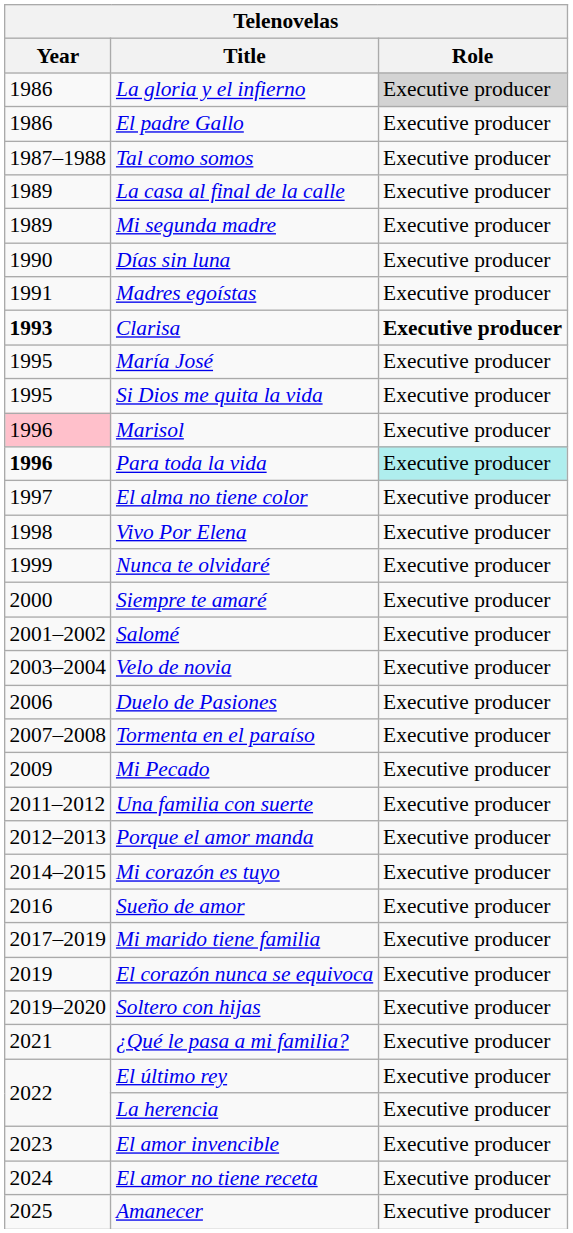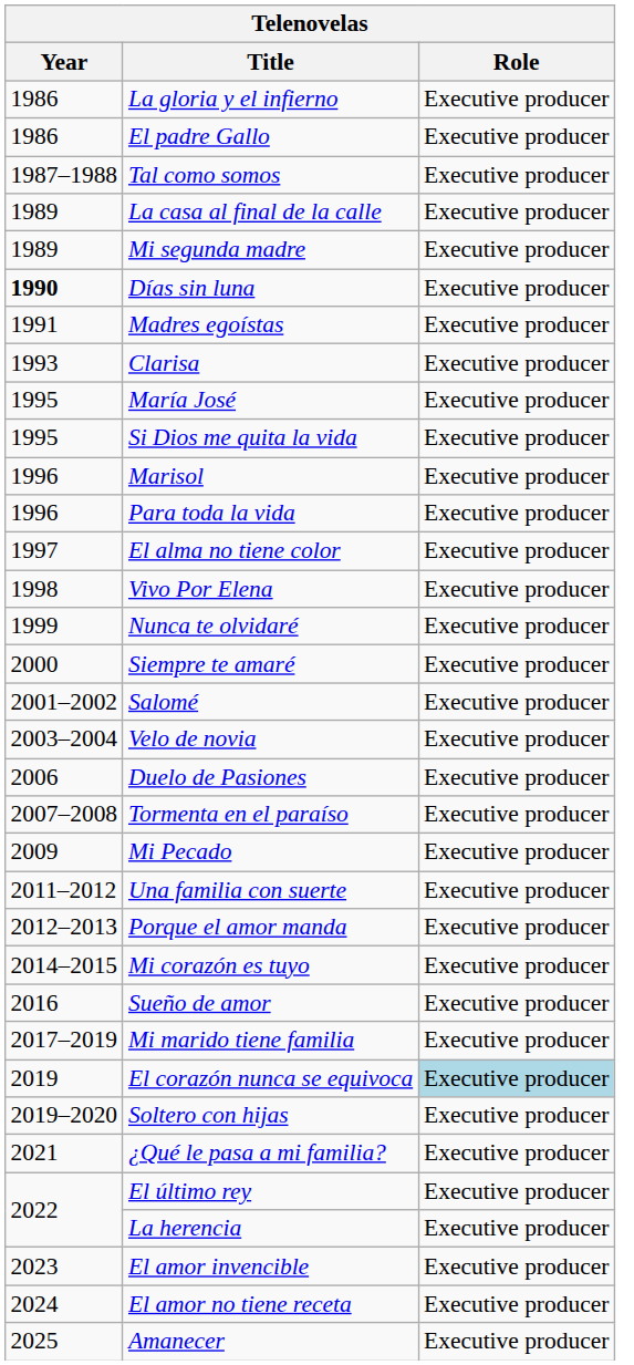 <table class="wikitable">
 <tr>
 <th colspan="5">Telenovelas</th>
 </tr>
 <tr>
 <th>Year</th>
 <th>Title</th>
 <th>Role</th>
 </tr>
 <tr>
 <td>1986</td>
 <td><em><a href='#'>La gloria y el infierno</a></em></td>
-<td style="background: lightgrey;">Executive producer</td>
+<td>Executive producer</td>
 </tr>
 <tr>
 <td>1986</td>
 <td><em><a href='#'>El padre Gallo</a></em></td>
 <td>Executive producer</td>
 </tr>
 <tr>
 <td>1987–1988</td>
 <td><em><a href='#'>Tal como somos</a></em></td>
 <td>Executive producer</td>
 </tr>
 <tr>
 <td>1989</td>
 <td><em><a href='#'>La casa al final de la calle</a></em></td>
 <td>Executive producer</td>
 </tr>
 <tr>
 <td>1989</td>
 <td><em><a href='#'>Mi segunda madre</a></em></td>
 <td>Executive producer</td>
 </tr>
 <tr>
-<td>1990</td>
+<td><strong>1990</strong></td>
 <td><em><a href='#'>Días sin luna</a></em></td>
 <td>Executive producer</td>
 </tr>
 <tr>
 <td>1991</td>
 <td><em><a href='#'>Madres egoístas</a></em></td>
 <td>Executive producer</td>
 </tr>
 <tr>
-<td><strong>1993</strong></td>
+<td>1993</td>
 <td><em><a href='#'>Clarisa</a></em></td>
-<td><strong>Executive producer</strong></td>
+<td>Executive producer</td>
 </tr>
 <tr>
 <td>1995</td>
 <td><em><a href='#'>María José</a></em></td>
 <td>Executive producer</td>
 </tr>
 <tr>
 <td>1995</td>
 <td><em><a href='#'>Si Dios me quita la vida</a></em></td>
 <td>Executive producer</td>
 </tr>
 <tr>
-<td style="background: pink;">1996</td>
+<td>1996</td>
 <td><em><a href='#'>Marisol</a></em></td>
 <td>Executive producer</td>
 </tr>
 <tr>
-<td><strong>1996</strong></td>
+<td>1996</td>
 <td><em><a href='#'>Para toda la vida</a></em></td>
-<td style="background: paleturquoise;">Executive producer</td>
+<td>Executive producer</td>
 </tr>
 <tr>
 <td>1997</td>
 <td><em><a href='#'>El alma no tiene color</a></em></td>
 <td>Executive producer</td>
 </tr>
 <tr>
 <td>1998</td>
 <td><em><a href='#'>Vivo Por Elena</a></em></td>
 <td>Executive producer</td>
 </tr>
 <tr>
 <td>1999</td>
 <td><em><a href='#'>Nunca te olvidaré</a></em></td>
 <td>Executive producer</td>
 </tr>
 <tr>
 <td>2000</td>
 <td><em><a href='#'>Siempre te amaré</a></em></td>
 <td>Executive producer</td>
 </tr>
 <tr>
 <td>2001–2002</td>
 <td><em><a href='#'>Salomé</a></em></td>
 <td>Executive producer</td>
 </tr>
 <tr>
 <td>2003–2004</td>
 <td><em><a href='#'>Velo de novia</a></em></td>
 <td>Executive producer</td>
 </tr>
 <tr>
 <td>2006</td>
 <td><em><a href='#'>Duelo de Pasiones</a></em></td>
 <td>Executive producer</td>
 </tr>
 <tr>
 <td>2007–2008</td>
 <td><em><a href='#'>Tormenta en el paraíso</a></em></td>
 <td>Executive producer</td>
 </tr>
 <tr>
 <td>2009</td>
 <td><em><a href='#'>Mi Pecado</a></em></td>
 <td>Executive producer</td>
 </tr>
 <tr>
 <td>2011–2012</td>
 <td><em><a href='#'>Una familia con suerte</a></em></td>
 <td>Executive producer</td>
 </tr>
 <tr>
 <td>2012–2013</td>
 <td><em><a href='#'>Porque el amor manda</a></em></td>
 <td>Executive producer</td>
 </tr>
 <tr>
 <td>2014–2015</td>
 <td><em><a href='#'>Mi corazón es tuyo</a></em></td>
 <td>Executive producer</td>
 </tr>
 <tr>
 <td>2016</td>
 <td><em><a href='#'>Sueño de amor</a></em></td>
 <td>Executive producer</td>
 </tr>
 <tr>
 <td>2017–2019</td>
 <td><em><a href='#'>Mi marido tiene familia</a></em></td>
 <td>Executive producer</td>
 </tr>
 <tr>
 <td>2019</td>
 <td><em><a href='#'>El corazón nunca se equivoca</a></em></td>
-<td>Executive producer</td>
+<td style="background: lightblue;">Executive producer</td>
 </tr>
 <tr>
 <td>2019–2020</td>
 <td><em><a href='#'>Soltero con hijas</a></em></td>
 <td>Executive producer</td>
 </tr>
 <tr>
 <td>2021</td>
 <td><em><a href='#'>¿Qué le pasa a mi familia?</a></em></td>
 <td>Executive producer</td>
 </tr>
 <tr>
 <td rowspan="2">2022</td>
 <td><em><a href='#'>El último rey</a></em></td>
 <td>Executive producer</td>
 </tr>
 <tr>
 <td><em><a href='#'>La herencia</a></em></td>
 <td>Executive producer</td>
 </tr>
 <tr>
 <td>2023</td>
 <td><em><a href='#'>El amor invencible</a></em></td>
 <td>Executive producer</td>
 </tr>
 <tr>
 <td>2024</td>
 <td><em><a href='#'>El amor no tiene receta</a></em></td>
 <td>Executive producer</td>
 </tr>
 <tr>
 <td>2025</td>
 <td><em><a href='#'>Amanecer</a></em></td>
 <td>Executive producer</td>
 </tr>
 </table>
